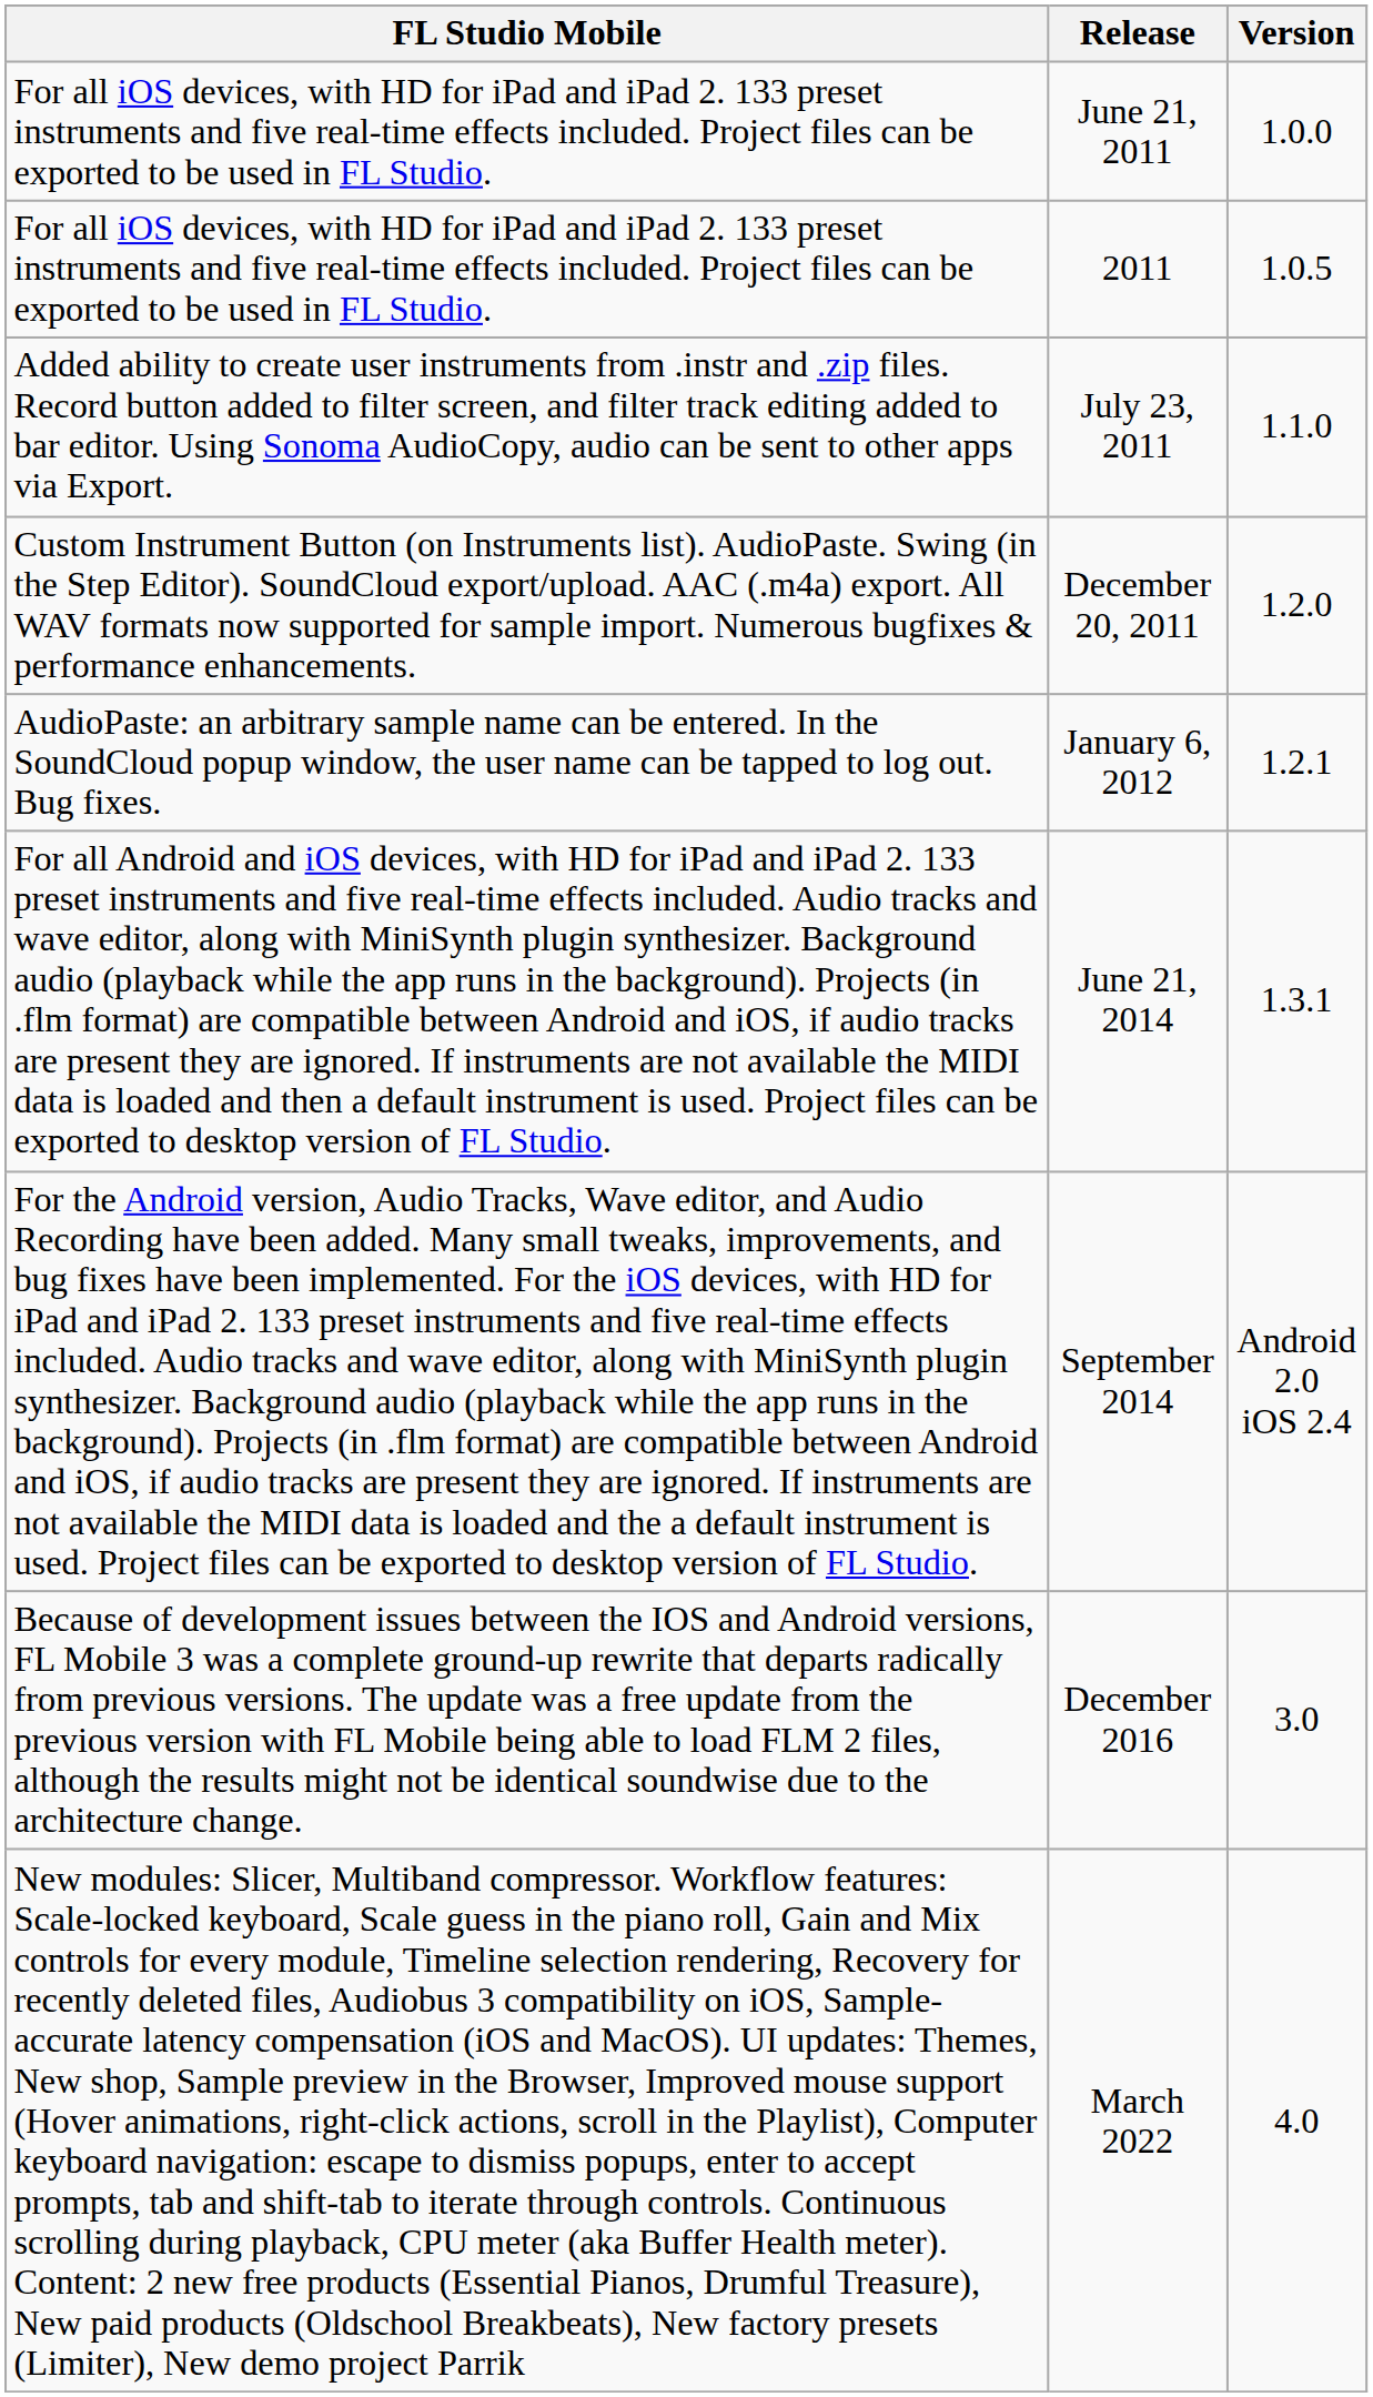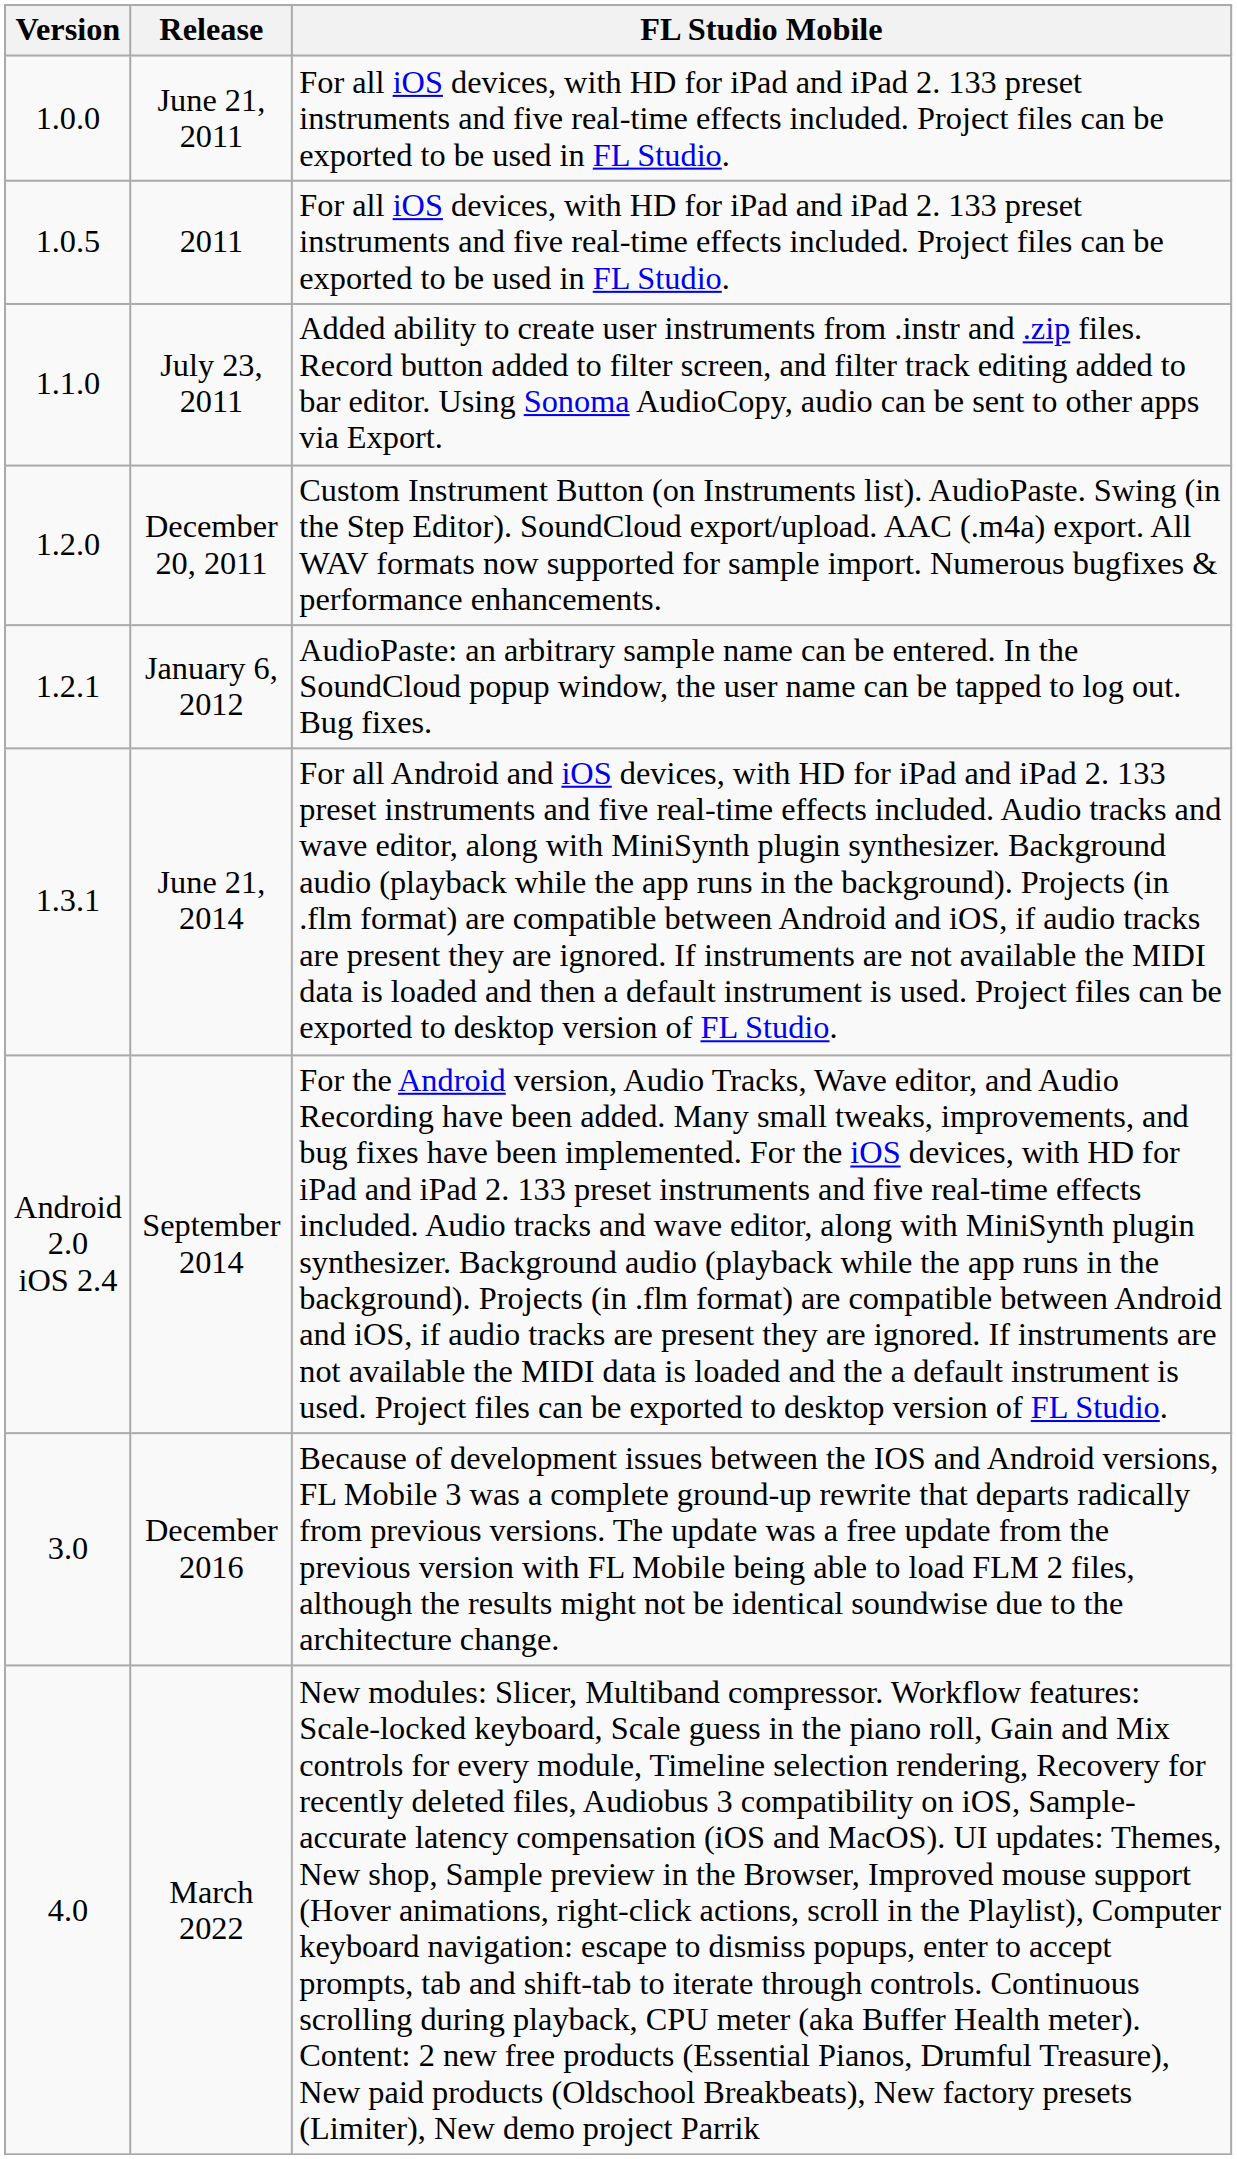 <table class="wikitable" style="margin:left;">
 <tr>
+<th>Version</th>
+<th>Release</th>
 <th>FL Studio Mobile</th>
-<th>Release</th>
-<th>Version</th>
 </tr>
 <tr>
+<td style="text-align:center;">1.0.0</td>
+<td style="text-align:center;">June 21, 2011</td>
 <td>For all <a href='#'>iOS</a> devices, with HD for iPad and iPad 2. 133 preset instruments and five real-time effects included. Project files can be exported to be used in <a href='#'>FL Studio</a>.</td>
-<td style="text-align:center;">June 21, 2011</td>
-<td style="text-align:center;">1.0.0</td>
 </tr>
 <tr>
+<td style="text-align:center;">1.0.5</td>
+<td style="text-align:center;">2011</td>
 <td>For all <a href='#'>iOS</a> devices, with HD for iPad and iPad 2. 133 preset instruments and five real-time effects included. Project files can be exported to be used in <a href='#'>FL Studio</a>.</td>
-<td style="text-align:center;">2011</td>
-<td style="text-align:center;">1.0.5</td>
 </tr>
 <tr>
+<td style="text-align:center;">1.1.0</td>
+<td style="text-align:center;">July 23, 2011</td>
 <td>Added ability to create user instruments from .instr and <a href='#'>.zip</a> files. Record button added to filter screen, and filter track editing added to bar editor. Using <a href='#'>Sonoma</a> AudioCopy, audio can be sent to other apps via Export.</td>
-<td style="text-align:center;">July 23, 2011</td>
-<td style="text-align:center;">1.1.0</td>
 </tr>
 <tr>
+<td style="text-align:center;">1.2.0</td>
+<td style="text-align:center;">December 20, 2011</td>
 <td>Custom Instrument Button (on Instruments list). AudioPaste. Swing (in the Step Editor). SoundCloud export/upload. AAC (.m4a) export. All WAV formats now supported for sample import. Numerous bugfixes & performance enhancements.</td>
-<td style="text-align:center;">December 20, 2011</td>
-<td style="text-align:center;">1.2.0</td>
 </tr>
 <tr>
+<td style="text-align:center;">1.2.1</td>
+<td style="text-align:center;">January 6, 2012</td>
 <td>AudioPaste: an arbitrary sample name can be entered. In the SoundCloud popup window, the user name can be tapped to log out. Bug fixes.</td>
-<td style="text-align:center;">January 6, 2012</td>
-<td style="text-align:center;">1.2.1</td>
 </tr>
 <tr>
+<td style="text-align:center;">1.3.1</td>
+<td style="text-align:center;">June 21, 2014</td>
 <td>For all Android and <a href='#'>iOS</a> devices, with HD for iPad and iPad 2. 133 preset instruments and five real-time effects included. Audio tracks and wave editor, along with MiniSynth plugin synthesizer. Background audio (playback while the app runs in the background). Projects (in .flm format) are compatible between Android and iOS, if audio tracks are present they are ignored. If instruments are not available the MIDI data is loaded and then a default instrument is used.  Project files can be exported to desktop version of <a href='#'>FL Studio</a>.</td>
-<td style="text-align:center;">June 21, 2014</td>
-<td style="text-align:center;">1.3.1</td>
 </tr>
 <tr>
+<td style="text-align:center;">Android 2.0 <br> iOS 2.4</td>
+<td style="text-align:center;">September 2014</td>
 <td>For the <a href='#'>Android</a> version, Audio Tracks, Wave editor, and Audio Recording have been added. Many small tweaks, improvements, and bug fixes have been implemented. For the <a href='#'>iOS</a> devices, with HD for iPad and iPad 2. 133 preset instruments and five real-time effects included. Audio tracks and wave editor, along with MiniSynth plugin synthesizer. Background audio (playback while the app runs in the background). Projects (in .flm format) are compatible between Android and iOS, if audio tracks are present they are ignored. If instruments are not available the MIDI data is loaded and the a default instrument is used. Project files can be exported to desktop version of <a href='#'>FL Studio</a>.</td>
-<td style="text-align:center;">September 2014</td>
-<td style="text-align:center;">Android 2.0 <br> iOS 2.4</td>
 </tr>
 <tr>
+<td style="text-align:center;">3.0</td>
+<td style="text-align:center;">December 2016</td>
 <td>Because of development issues between the IOS and Android versions, FL Mobile 3 was a complete ground-up rewrite that departs radically from previous versions. The update was a free update from the previous version with FL Mobile being able to load FLM 2 files, although the results might not be identical soundwise due to the architecture change.</td>
-<td style="text-align:center;">December 2016</td>
-<td style="text-align:center;">3.0</td>
 </tr>
 <tr>
+<td style="text-align:center;">4.0</td>
+<td style="text-align:center;">March 2022</td>
 <td>New modules: Slicer, Multiband compressor. Workflow features: Scale-locked keyboard, Scale guess in the piano roll, Gain and Mix controls for every module, Timeline selection rendering, Recovery for recently deleted files, Audiobus 3 compatibility on iOS, Sample-accurate latency compensation (iOS and MacOS). UI updates: Themes, New shop, Sample preview in the Browser, Improved mouse support (Hover animations, right-click actions, scroll in the Playlist), Computer keyboard navigation: escape to dismiss popups, enter to accept prompts, tab and shift-tab to iterate through controls. Continuous scrolling during playback, CPU meter (aka Buffer Health meter). Content: 2 new free products (Essential Pianos, Drumful Treasure), New paid products (Oldschool Breakbeats), New factory presets (Limiter), New demo project Parrik</td>
-<td style="text-align:center;">March 2022</td>
-<td style="text-align:center;">4.0</td>
 </tr>
 </table>
